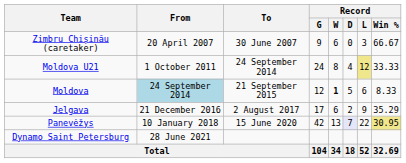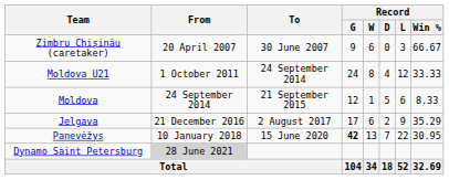 <table class="wikitable" style="text-align: center">
 <tr>
 <th rowspan="2">Team</th>
 <th rowspan="2">From</th>
 <th rowspan="2">To</th>
 <th colspan="5">Record</th>
 </tr>
 <tr>
 <th>G</th>
 <th>W</th>
 <th>D</th>
 <th>L</th>
 <th>Win %</th>
 </tr>
 <tr>
 <td><a href='#'>Zimbru Chișinău</a> (caretaker)</td>
 <td>20 April 2007</td>
 <td>30 June 2007</td>
 <td>9</td>
 <td>6</td>
 <td>0</td>
 <td>3</td>
 <td>66.67</td>
 </tr>
 <tr>
 <td><a href='#'>Moldova U21</a></td>
 <td>1 October 2011</td>
 <td>24 September 2014</td>
 <td>24</td>
 <td>8</td>
 <td>4</td>
-<td style="background: khaki;">12</td>
+<td>12</td>
 <td>33.33</td>
 </tr>
 <tr>
 <td><a href='#'>Moldova</a></td>
-<td style="background: lightblue;">24 September 2014</td>
+<td>24 September 2014</td>
 <td>21 September 2015</td>
 <td>12</td>
-<td><strong>1</strong></td>
+<td>1</td>
 <td>5</td>
 <td>6</td>
 <td>8.33</td>
 </tr>
 <tr>
 <td><a href='#'>Jelgava</a></td>
 <td>21 December 2016</td>
 <td>2 August 2017</td>
 <td>17</td>
 <td>6</td>
 <td>2</td>
 <td>9</td>
 <td>35.29</td>
 </tr>
 <tr>
 <td><a href='#'>Panevėžys</a></td>
 <td>10 January 2018</td>
 <td>15 June 2020</td>
-<td>42</td>
+<td><strong>42</strong></td>
 <td>13</td>
-<td style="background: lavender;">7</td>
+<td>7</td>
 <td>22</td>
-<td style="background: khaki;">30.95</td>
+<td>30.95</td>
 </tr>
 <tr>
 <td><a href='#'>Dynamo Saint Petersburg</a></td>
-<td>28 June 2021</td>
+<td style="background: lightgrey;">28 June 2021</td>
 <td></td>
 <td></td>
 <td></td>
 <td></td>
 <td></td>
 <td></td>
 </tr>
 <tr>
 <th colspan="3">Total</th>
 <th>104</th>
 <th>34</th>
 <th>18</th>
 <th>52</th>
 <th>32.69</th>
 </tr>
 </table>
